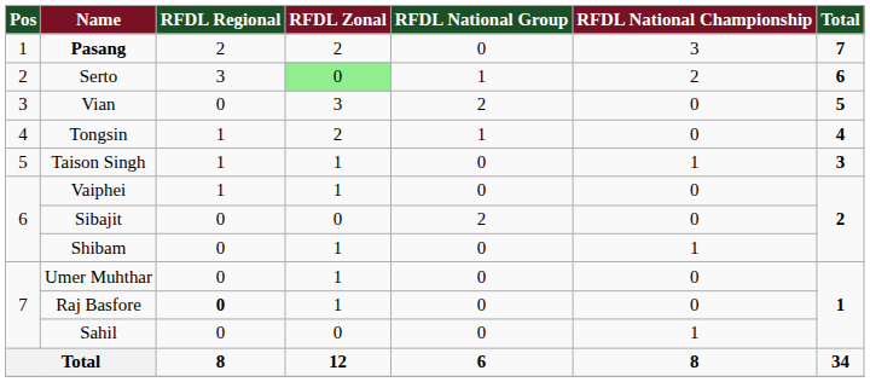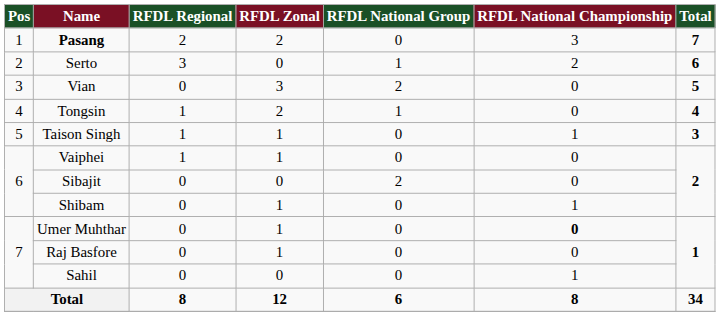 <table class="wikitable" margin-left:1em;float:center>
 <tr>
 <th style="background:#1A5026; color:white; text-align:center;">Pos</th>
 <th style="background:#7A1024; color:white; text-align:center;">Name</th>
 <th style="background:#1A5026; color:white; text-align:center;">RFDL Regional</th>
 <th style="background:#7A1024; color:white; text-align:center;">RFDL Zonal</th>
 <th style="background:#1A5026; color:white; text-align:center;">RFDL National Group</th>
 <th style="background:#7A1024; color:white; text-align:center;">RFDL National Championship</th>
 <th style="background:#1A5026; color:white; text-align:center;">Total</th>
 </tr>
 <tr>
 <td rowspan= "1" style="text-align:center">1</td>
 <td style="text-align:center"><strong>Pasang</strong></td>
 <td style="text-align:center">2</td>
 <td style="text-align:center">2</td>
 <td style="text-align:center">0</td>
 <td style="text-align:center">3</td>
 <td style="text-align:center"><strong>7</strong></td>
 </tr>
 <tr>
 <td rowspan= "1" style="text-align:center">2</td>
 <td style="text-align:center">Serto</td>
 <td style="text-align:center">3</td>
-<td style="background: lightgreen; text-align:center">0</td>
+<td style="text-align:center">0</td>
 <td style="text-align:center">1</td>
 <td style="text-align:center">2</td>
 <td style="text-align:center"><strong>6</strong></td>
 </tr>
 <tr>
 <td rowspan= "1" style="text-align:center">3</td>
 <td style="text-align:center">Vian</td>
 <td style="text-align:center">0</td>
 <td style="text-align:center">3</td>
 <td style="text-align:center">2</td>
 <td style="text-align:center">0</td>
 <td style="text-align:center"><strong>5</strong></td>
 </tr>
 <tr>
 <td rowspan= "1" style="text-align:center">4</td>
 <td style="text-align:center">Tongsin</td>
 <td style="text-align:center">1</td>
 <td style="text-align:center">2</td>
 <td style="text-align:center">1</td>
 <td style="text-align:center">0</td>
 <td style="text-align:center"><strong>4</strong></td>
 </tr>
 <tr>
 <td rowspan= "1" style="text-align:center">5</td>
 <td style="text-align:center">Taison Singh</td>
 <td style="text-align:center">1</td>
 <td style="text-align:center">1</td>
 <td style="text-align:center">0</td>
 <td style="text-align:center">1</td>
 <td style="text-align:center"><strong>3</strong></td>
 </tr>
 <tr>
 <td rowspan="3" style="text-align:center">6</td>
 <td style="text-align:center">Vaiphei</td>
 <td style="text-align:center">1</td>
 <td style="text-align:center">1</td>
 <td style="text-align:center">0</td>
 <td style="text-align:center">0</td>
 <td rowspan="3" style="text-align:center"><strong>2</strong></td>
 </tr>
 <tr>
 <td style="text-align:center">Sibajit</td>
 <td style="text-align:center">0</td>
 <td style="text-align:center">0</td>
 <td style="text-align:center">2</td>
 <td style="text-align:center">0</td>
 </tr>
 <tr>
 <td style="text-align:center">Shibam</td>
 <td style="text-align:center">0</td>
 <td style="text-align:center">1</td>
 <td style="text-align:center">0</td>
 <td style="text-align:center">1</td>
 </tr>
 <tr>
 <td rowspan="3" style="text-align:center">7</td>
 <td style="text-align:center">Umer Muhthar</td>
 <td style="text-align:center">0</td>
 <td style="text-align:center">1</td>
 <td style="text-align:center">0</td>
-<td style="text-align:center">0</td>
+<td style="text-align:center"><strong>0</strong></td>
 <td rowspan="3" style="text-align:center"><strong>1</strong></td>
 </tr>
 <tr>
 <td style="text-align:center">Raj Basfore</td>
-<td style="text-align:center"><strong>0</strong></td>
+<td style="text-align:center">0</td>
 <td style="text-align:center">1</td>
 <td style="text-align:center">0</td>
 <td style="text-align:center">0</td>
 </tr>
 <tr>
 <td style="text-align:center">Sahil</td>
 <td style="text-align:center">0</td>
 <td style="text-align:center">0</td>
 <td style="text-align:center">0</td>
 <td style="text-align:center">1</td>
 </tr>
 <tr>
 <th colspan="2">Total</th>
 <td style="text-align:center"><strong>8</strong></td>
 <td style="text-align:center"><strong>12</strong></td>
 <td style="text-align:center"><strong>6</strong></td>
 <td style="text-align:center"><strong>8</strong></td>
 <td style="text-align:center"><strong>34</strong></td>
 </tr>
 <tr>
 </tr>
 </table>
